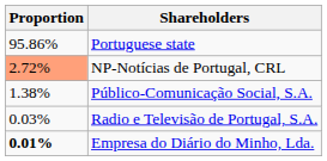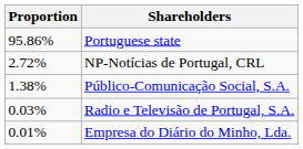 <table class="wikitable" style="margin-bottom: 10px;">
 <tr>
 <th>Proportion</th>
 <th>Shareholders</th>
 </tr>
 <tr>
 <td>95.86%</td>
 <td><a href='#'>Portuguese state</a></td>
 </tr>
 <tr>
-<td style="background: lightsalmon;">2.72%</td>
+<td>2.72%</td>
 <td>NP-Notícias de Portugal, CRL</td>
 </tr>
 <tr>
 <td>1.38%</td>
 <td><a href='#'>Público-Comunicação Social, S.A.</a></td>
 </tr>
 <tr>
 <td>0.03%</td>
 <td><a href='#'>Radio e Televisão de Portugal, S.A.</a></td>
 </tr>
 <tr>
-<td><strong>0.01%</strong></td>
+<td>0.01%</td>
 <td><a href='#'>Empresa do Diário do Minho, Lda.</a></td>
 </tr>
 </table>
